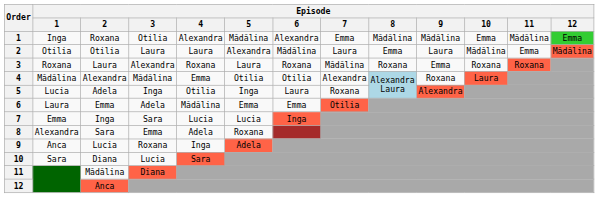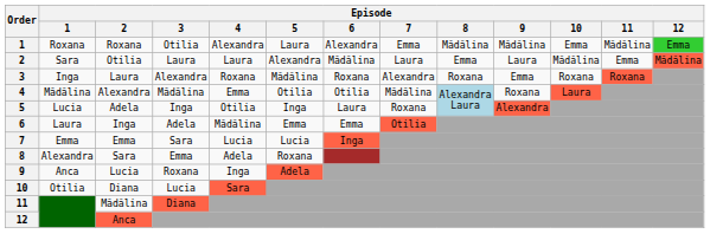 <table class="wikitable" style="text-align:center; font-size:92%">
 <tr>
 <th rowspan=2>Order</th>
 <th colspan="12">Episode</th>
 </tr>
 <tr>
 <th>1</th>
 <th>2</th>
 <th>3</th>
 <th>4</th>
 <th>5</th>
 <th>6</th>
 <th>7</th>
 <th>8</th>
 <th>9</th>
 <th>10</th>
 <th>11</th>
 <th>12</th>
 </tr>
 <tr>
 <th>1</th>
-<td>Inga</td>
+<td>Roxana</td>
 <td>Roxana</td>
 <td>Otilia</td>
 <td>Alexandra</td>
-<td>Mădălina</td>
+<td>Laura</td>
 <td>Alexandra</td>
 <td>Emma</td>
 <td>Mădălina</td>
 <td>Mădălina</td>
 <td>Emma</td>
 <td>Mădălina</td>
 <td bgcolor="limegreen">Emma</td>
 </tr>
 <tr>
 <th>2</th>
-<td>Otilia</td>
+<td>Sara</td>
 <td>Otilia</td>
 <td>Laura</td>
 <td>Laura</td>
 <td>Alexandra</td>
 <td>Mădălina</td>
 <td>Laura</td>
 <td>Emma</td>
 <td>Laura</td>
 <td>Mădălina</td>
 <td>Emma</td>
 <td style="background:tomato;">Mădălina</td>
 </tr>
 <tr>
 <th>3</th>
-<td>Roxana</td>
+<td>Inga</td>
 <td>Laura</td>
 <td>Alexandra</td>
 <td>Roxana</td>
-<td>Laura</td>
+<td>Mădălina</td>
 <td>Roxana</td>
-<td>Mădălina</td>
+<td>Alexandra</td>
 <td>Roxana</td>
 <td>Emma</td>
 <td>Roxana</td>
 <td style="background:tomato;">Roxana</td>
 <td colspan=1 bgcolor="A9A9A9"></td>
 </tr>
 <tr>
 <th>4</th>
 <td>Mădălina</td>
 <td>Alexandra</td>
 <td>Mădălina</td>
 <td>Emma</td>
 <td>Otilia</td>
 <td>Otilia</td>
-<td>Alexandra</td>
+<td>Mădălina</td>
 <td bgcolor="lightblue" rowspan="2">Alexandra<br> Laura</td>
 <td>Roxana</td>
 <td style="background:tomato;">Laura</td>
 <td colspan=12 bgcolor="A9A9A9"></td>
 </tr>
 <tr>
 <th>5</th>
 <td>Lucia</td>
 <td>Adela</td>
 <td>Inga</td>
 <td>Otilia</td>
 <td>Inga</td>
 <td>Laura</td>
 <td>Roxana</td>
 <td style="background:tomato;">Alexandra</td>
 <td colspan=12 bgcolor="A9A9A9"></td>
 </tr>
 <tr>
 <th>6</th>
 <td>Laura</td>
-<td>Emma</td>
+<td>Inga</td>
 <td>Adela</td>
 <td>Mădălina</td>
 <td>Emma</td>
 <td>Emma</td>
 <td style="background:tomato;">Otilia</td>
 <td colspan=12 bgcolor="A9A9A9"></td>
 </tr>
 <tr>
 <th>7</th>
 <td>Emma</td>
-<td>Inga</td>
+<td>Emma</td>
 <td>Sara</td>
 <td>Lucia</td>
 <td>Lucia</td>
 <td style="background:tomato;">Inga</td>
 <td colspan=12 bgcolor="A9A9A9"></td>
 </tr>
 <tr>
 <th>8</th>
 <td>Alexandra</td>
 <td>Sara</td>
 <td>Emma</td>
 <td>Adela</td>
 <td>Roxana</td>
 <td bgcolor="brown"></td>
 <td colspan="12" bgcolor="A9A9A9"></td>
 </tr>
 <tr>
 <th>9</th>
 <td>Anca</td>
 <td>Lucia</td>
 <td>Roxana</td>
 <td>Inga</td>
 <td style="background:tomato;">Adela</td>
 <td colspan="12" bgcolor="A9A9A9"></td>
 </tr>
 <tr>
 <th>10</th>
-<td>Sara</td>
+<td>Otilia</td>
 <td>Diana</td>
 <td>Lucia</td>
 <td style="background:tomato;">Sara</td>
 <td colspan="12" bgcolor="A9A9A9"></td>
 </tr>
 <tr>
 <th>11</th>
 <td rowspan="2" bgcolor="Darkgreen"></td>
 <td>Mădălina</td>
 <td style="background:tomato;">Diana</td>
 <td colspan="12" bgcolor="A9A9A9"></td>
 </tr>
 <tr>
 <th>12</th>
 <td style="background:tomato;">Anca</td>
 <td colspan="12" bgcolor="A9A9A9"></td>
 </tr>
 </table>
